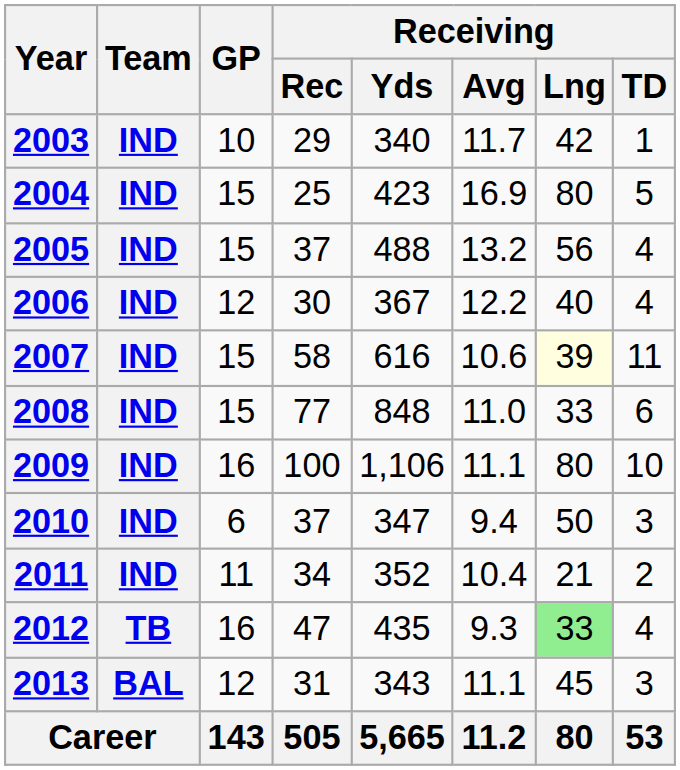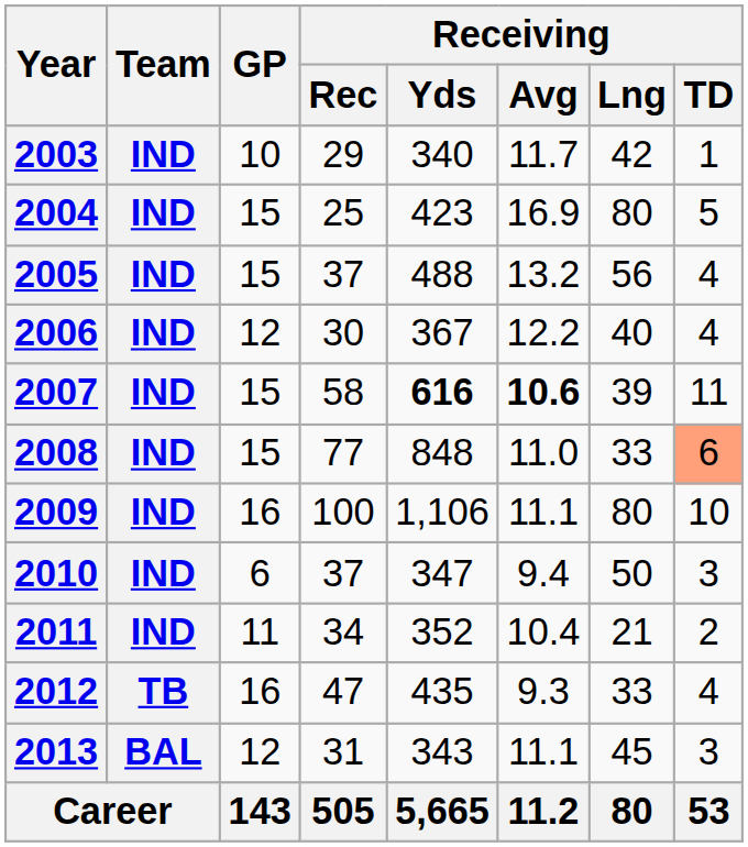 <table class="wikitable" style="text-align: center;">
 <tr>
 <th rowspan="2">Year</th>
 <th rowspan="2">Team</th>
 <th rowspan="2">GP</th>
 <th colspan="5">Receiving</th>
 </tr>
 <tr>
 <th>Rec</th>
 <th>Yds</th>
 <th>Avg</th>
 <th>Lng</th>
 <th>TD</th>
 </tr>
 <tr>
 <th><a href='#'>2003</a></th>
 <th><a href='#'>IND</a></th>
 <td>10</td>
 <td>29</td>
 <td>340</td>
 <td>11.7</td>
 <td>42</td>
 <td>1</td>
 </tr>
 <tr>
 <th><a href='#'>2004</a></th>
 <th><a href='#'>IND</a></th>
 <td>15</td>
 <td>25</td>
 <td>423</td>
 <td>16.9</td>
 <td>80</td>
 <td>5</td>
 </tr>
 <tr>
 <th><a href='#'>2005</a></th>
 <th><a href='#'>IND</a></th>
 <td>15</td>
 <td>37</td>
 <td>488</td>
 <td>13.2</td>
 <td>56</td>
 <td>4</td>
 </tr>
 <tr>
 <th><a href='#'>2006</a></th>
 <th><a href='#'>IND</a></th>
 <td>12</td>
 <td>30</td>
 <td>367</td>
 <td>12.2</td>
 <td>40</td>
 <td>4</td>
 </tr>
 <tr>
 <th><a href='#'>2007</a></th>
 <th><a href='#'>IND</a></th>
 <td>15</td>
 <td>58</td>
-<td>616</td>
-<td>10.6</td>
-<td style="background: lightyellow;">39</td>
+<td><strong>616</strong></td>
+<td><strong>10.6</strong></td>
+<td>39</td>
 <td>11</td>
 </tr>
 <tr>
 <th><a href='#'>2008</a></th>
 <th><a href='#'>IND</a></th>
 <td>15</td>
 <td>77</td>
 <td>848</td>
 <td>11.0</td>
 <td>33</td>
-<td>6</td>
+<td style="background: lightsalmon;">6</td>
 </tr>
 <tr>
 <th><a href='#'>2009</a></th>
 <th><a href='#'>IND</a></th>
 <td>16</td>
 <td>100</td>
 <td>1,106</td>
 <td>11.1</td>
 <td>80</td>
 <td>10</td>
 </tr>
 <tr>
 <th><a href='#'>2010</a></th>
 <th><a href='#'>IND</a></th>
 <td>6</td>
 <td>37</td>
 <td>347</td>
 <td>9.4</td>
 <td>50</td>
 <td>3</td>
 </tr>
 <tr>
 <th><a href='#'>2011</a></th>
 <th><a href='#'>IND</a></th>
 <td>11</td>
 <td>34</td>
 <td>352</td>
 <td>10.4</td>
 <td>21</td>
 <td>2</td>
 </tr>
 <tr>
 <th><a href='#'>2012</a></th>
 <th><a href='#'>TB</a></th>
 <td>16</td>
 <td>47</td>
 <td>435</td>
 <td>9.3</td>
-<td style="background: lightgreen;">33</td>
+<td>33</td>
 <td>4</td>
 </tr>
 <tr>
 <th><a href='#'>2013</a></th>
 <th><a href='#'>BAL</a></th>
 <td>12</td>
 <td>31</td>
 <td>343</td>
 <td>11.1</td>
 <td>45</td>
 <td>3</td>
 </tr>
 <tr>
 <th colspan="2">Career</th>
 <th>143</th>
 <th>505</th>
 <th>5,665</th>
 <th>11.2</th>
 <th>80</th>
 <th>53</th>
 </tr>
 </table>
